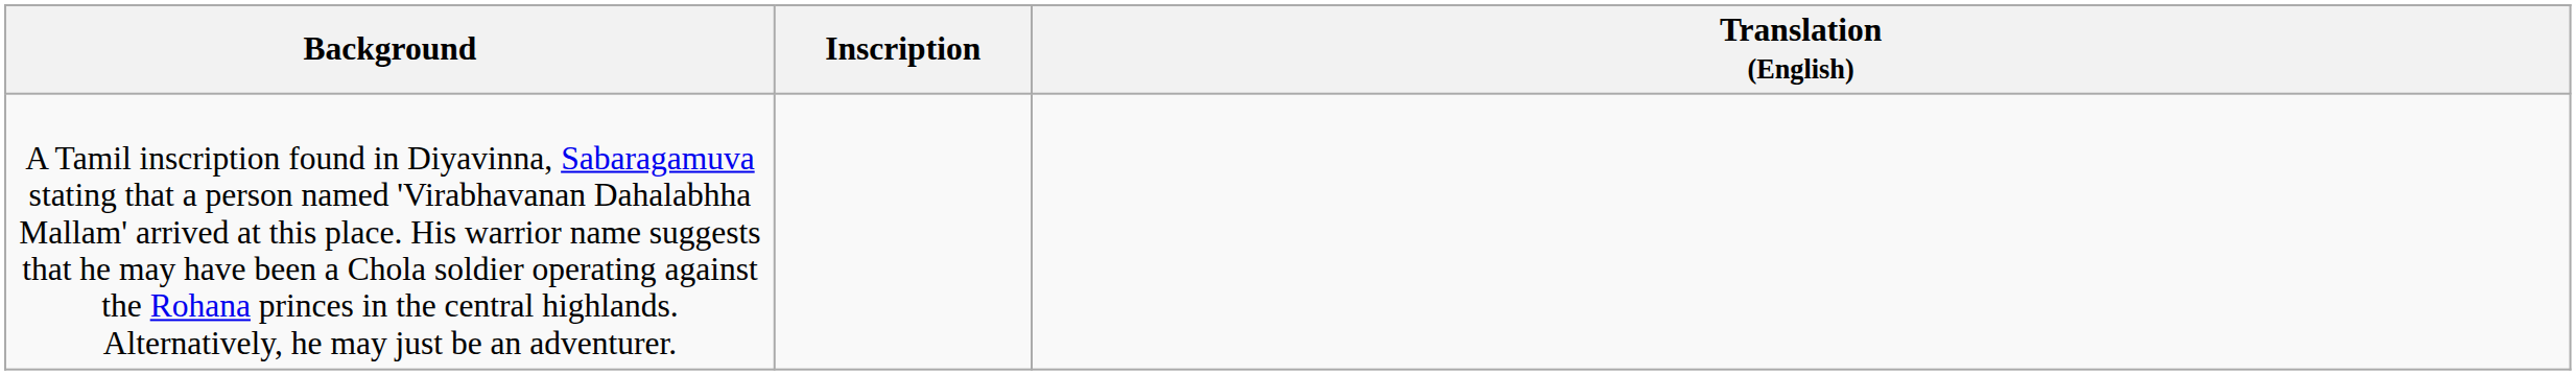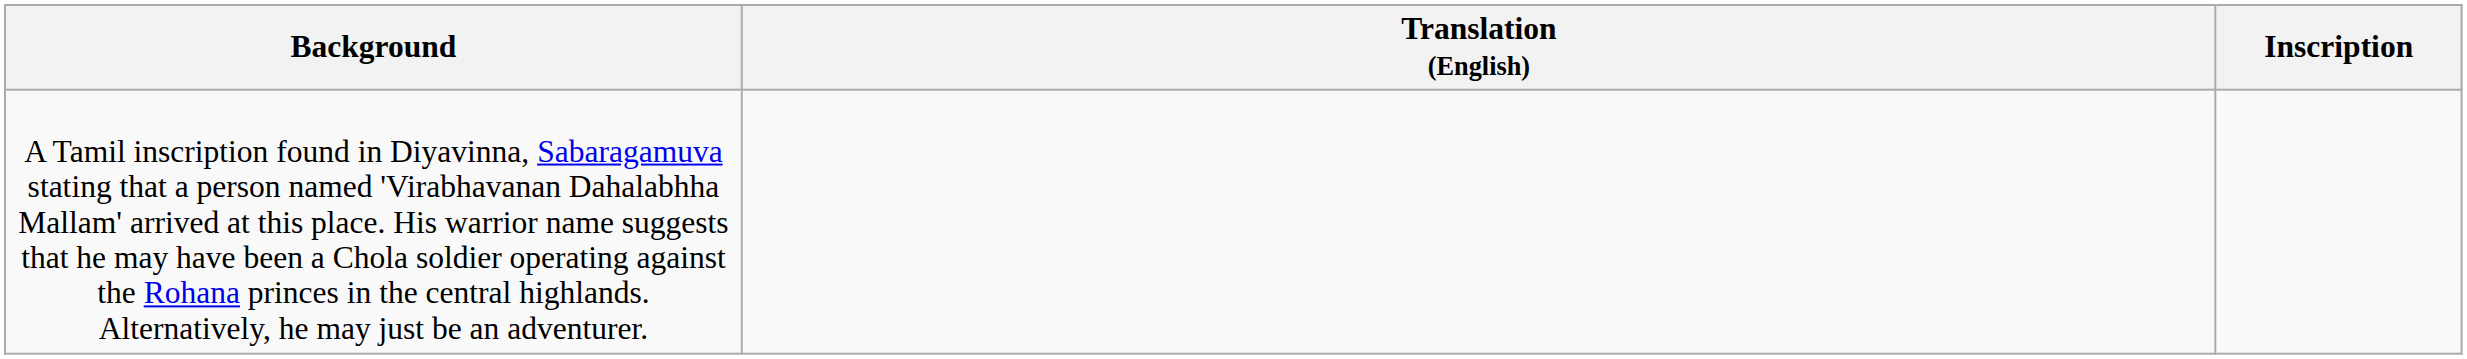 <table class="wikitable centre">
 <tr>
 <th scope="col" align=left>Background<br></th>
+<th>Translation<br><small>(English)</small></th>
 <th>Inscription<br></th>
-<th>Translation<br><small>(English)</small></th>
 </tr>
 <tr>
 <td align=center width="30%"><br>A Tamil inscription found in Diyavinna, <a href='#'>Sabaragamuva</a> stating that a person named 'Virabhavanan Dahalabhha Mallam' arrived at this place. His warrior name suggests that he may have been a Chola soldier operating against the <a href='#'>Rohana</a> princes in the central highlands. Alternatively, he may just be an adventurer.</td>
+<td align=left></td>
 <td align=center width="10%"></td>
-<td align=left></td>
 </tr>
 </table>
